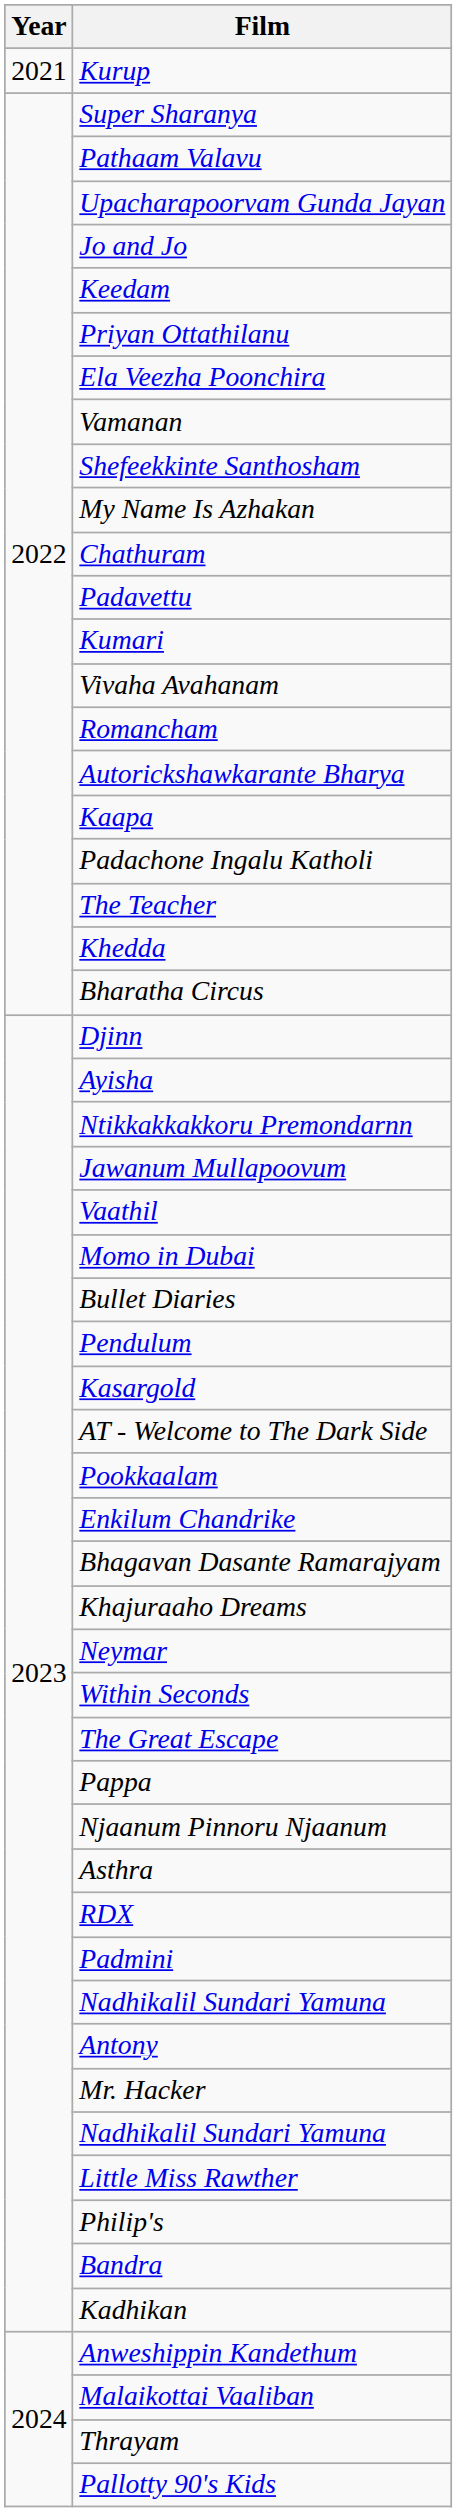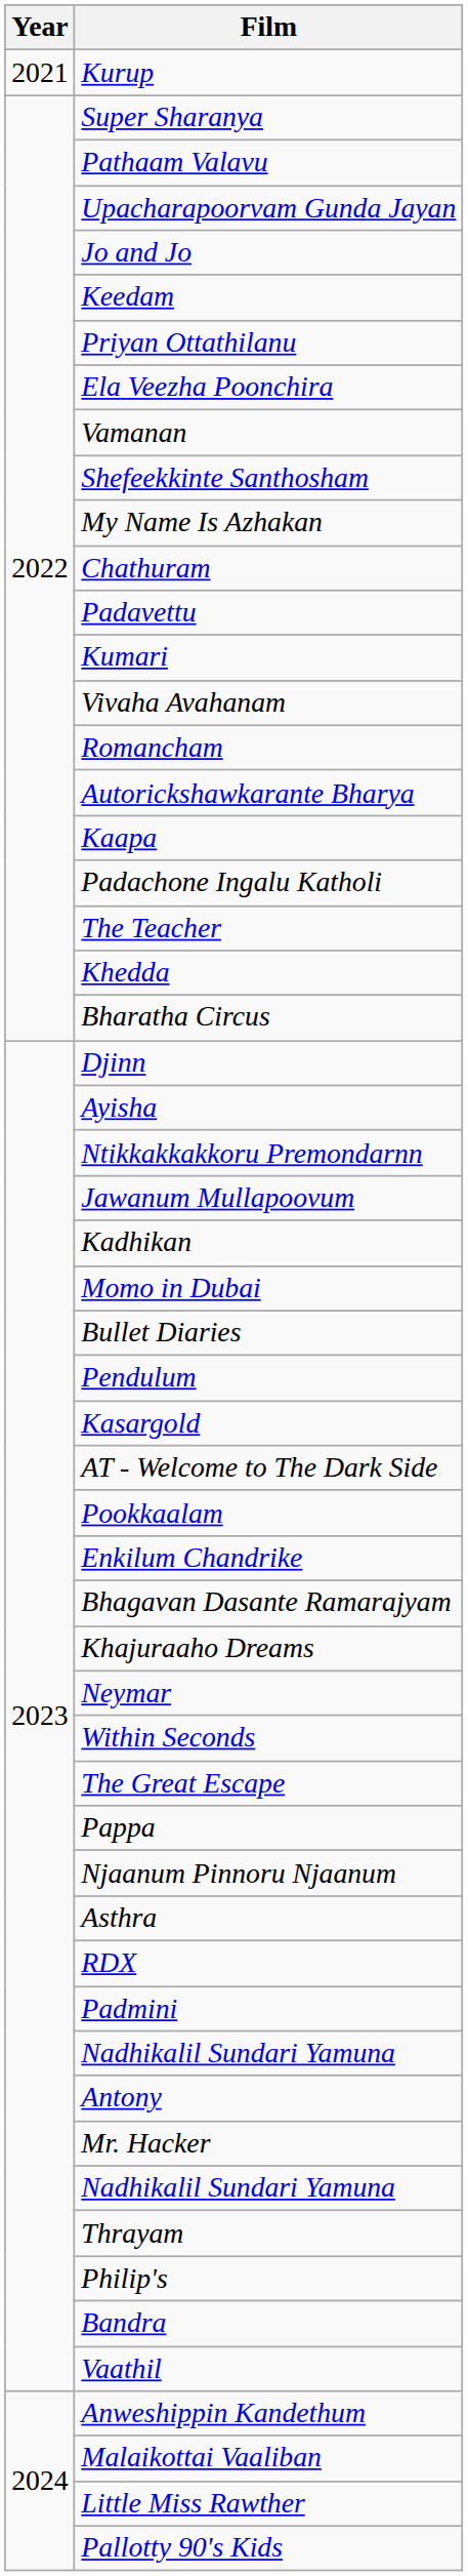 <table class="wikitable sortable">
 <tr>
 <th>Year</th>
 <th>Film</th>
 </tr>
 <tr>
 <td>2021</td>
 <td><em><a href='#'>Kurup</a></em></td>
 </tr>
 <tr>
 <td rowspan=21>2022</td>
 <td><em><a href='#'>Super Sharanya</a></em></td>
 </tr>
 <tr>
 <td><em><a href='#'>Pathaam Valavu</a></em></td>
 </tr>
 <tr>
 <td><em><a href='#'>Upacharapoorvam Gunda Jayan</a></em></td>
 </tr>
 <tr>
 <td><em><a href='#'>Jo and Jo</a></em></td>
 </tr>
 <tr>
 <td><em><a href='#'>Keedam</a></em></td>
 </tr>
 <tr>
 <td><em><a href='#'>Priyan Ottathilanu</a></em></td>
 </tr>
 <tr>
 <td><em><a href='#'>Ela Veezha Poonchira</a></em></td>
 </tr>
 <tr>
 <td><em>Vamanan</em></td>
 </tr>
 <tr>
 <td><em><a href='#'>Shefeekkinte Santhosham</a></em></td>
 </tr>
 <tr>
 <td><em>My Name Is Azhakan</em></td>
 </tr>
 <tr>
 <td><em><a href='#'>Chathuram</a></em></td>
 </tr>
 <tr>
 <td><em><a href='#'>Padavettu</a></em></td>
 </tr>
 <tr>
 <td><em><a href='#'>Kumari</a></em></td>
 </tr>
 <tr>
 <td><em>Vivaha Avahanam</em></td>
 </tr>
 <tr>
 <td><em><a href='#'>Romancham</a></em></td>
 </tr>
 <tr>
 <td><em><a href='#'>Autorickshawkarante Bharya</a></em></td>
 </tr>
 <tr>
 <td><em><a href='#'>Kaapa</a></em></td>
 </tr>
 <tr>
 <td><em>Padachone Ingalu Katholi</em></td>
 </tr>
 <tr>
 <td><em><a href='#'>The Teacher</a></em></td>
 </tr>
 <tr>
 <td><em><a href='#'>Khedda</a></em></td>
 </tr>
 <tr>
 <td><em>Bharatha Circus</em></td>
 </tr>
 <tr>
 <td rowspan=30>2023</td>
 <td><em><a href='#'>Djinn</a></em></td>
 </tr>
 <tr>
 <td><em><a href='#'>Ayisha</a></em></td>
 </tr>
 <tr>
 <td><em><a href='#'>Ntikkakkakkoru Premondarnn</a></em></td>
 </tr>
 <tr>
 <td><em><a href='#'>Jawanum Mullapoovum</a></em></td>
 </tr>
 <tr>
-<td><em><a href='#'>Vaathil</a></em></td>
+<td><em>Kadhikan</em></td>
 </tr>
 <tr>
 <td><em><a href='#'>Momo in Dubai</a></em></td>
 </tr>
 <tr>
 <td><em>Bullet Diaries</em></td>
 </tr>
 <tr>
 <td><em><a href='#'>Pendulum</a></em></td>
 </tr>
 <tr>
 <td><em><a href='#'>Kasargold</a></em></td>
 </tr>
 <tr>
 <td><em>AT - Welcome to The Dark Side</em></td>
 </tr>
 <tr>
 <td><em><a href='#'>Pookkaalam</a></em></td>
 </tr>
 <tr>
 <td><em><a href='#'>Enkilum Chandrike</a></em></td>
 </tr>
 <tr>
 <td><em>Bhagavan Dasante Ramarajyam</em></td>
 </tr>
 <tr>
 <td><em>Khajuraaho Dreams</em></td>
 </tr>
 <tr>
 <td><em><a href='#'>Neymar</a></em></td>
 </tr>
 <tr>
 <td><em><a href='#'>Within Seconds</a></em></td>
 </tr>
 <tr>
 <td><em><a href='#'>The Great Escape</a></em></td>
 </tr>
 <tr>
 <td><em>Pappa</em></td>
 </tr>
 <tr>
 <td><em>Njaanum Pinnoru Njaanum</em></td>
 </tr>
 <tr>
 <td><em>Asthra</em></td>
 </tr>
 <tr>
 <td><em><a href='#'>RDX</a></em></td>
 </tr>
 <tr>
 <td><em><a href='#'>Padmini</a></em></td>
 </tr>
 <tr>
 <td><em><a href='#'>Nadhikalil Sundari Yamuna</a></em></td>
 </tr>
 <tr>
 <td><em><a href='#'>Antony</a></em></td>
 </tr>
 <tr>
 <td><em>Mr. Hacker</em></td>
 </tr>
 <tr>
 <td><em><a href='#'>Nadhikalil Sundari Yamuna</a></em></td>
 </tr>
 <tr>
-<td><em><a href='#'>Little Miss Rawther</a></em></td>
+<td><em>Thrayam</em></td>
 </tr>
 <tr>
 <td><em>Philip's</em></td>
 </tr>
 <tr>
 <td><em><a href='#'>Bandra</a></em></td>
 </tr>
 <tr>
-<td><em>Kadhikan</em></td>
+<td><em><a href='#'>Vaathil</a></em></td>
 </tr>
 <tr>
 <td rowspan=4>2024</td>
 <td><em><a href='#'>Anweshippin Kandethum</a></em></td>
 </tr>
 <tr>
 <td><em><a href='#'>Malaikottai Vaaliban</a></em></td>
 </tr>
 <tr>
-<td><em>Thrayam</em></td>
+<td><em><a href='#'>Little Miss Rawther</a></em></td>
 </tr>
 <tr>
 <td><em><a href='#'>Pallotty 90's Kids</a></em></td>
 </tr>
 </table>
